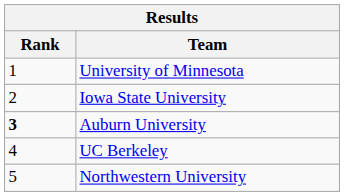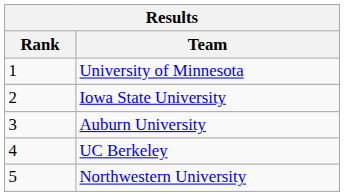 <table class="wikitable collapsible collapsed" style="min-width:20em;">
 <tr>
 <th colspan=2>Results</th>
 </tr>
 <tr>
 <th>Rank</th>
 <th>Team</th>
 </tr>
 <tr>
 <td>1</td>
 <td><a href='#'>University of Minnesota</a></td>
 </tr>
 <tr>
 <td>2</td>
 <td><a href='#'>Iowa State University</a></td>
 </tr>
 <tr>
-<td><strong>3</strong></td>
+<td>3</td>
 <td><a href='#'>Auburn University</a></td>
 </tr>
 <tr>
 <td>4</td>
 <td><a href='#'>UC Berkeley</a></td>
 </tr>
 <tr>
 <td>5</td>
 <td><a href='#'>Northwestern University</a></td>
 </tr>
 </table>
